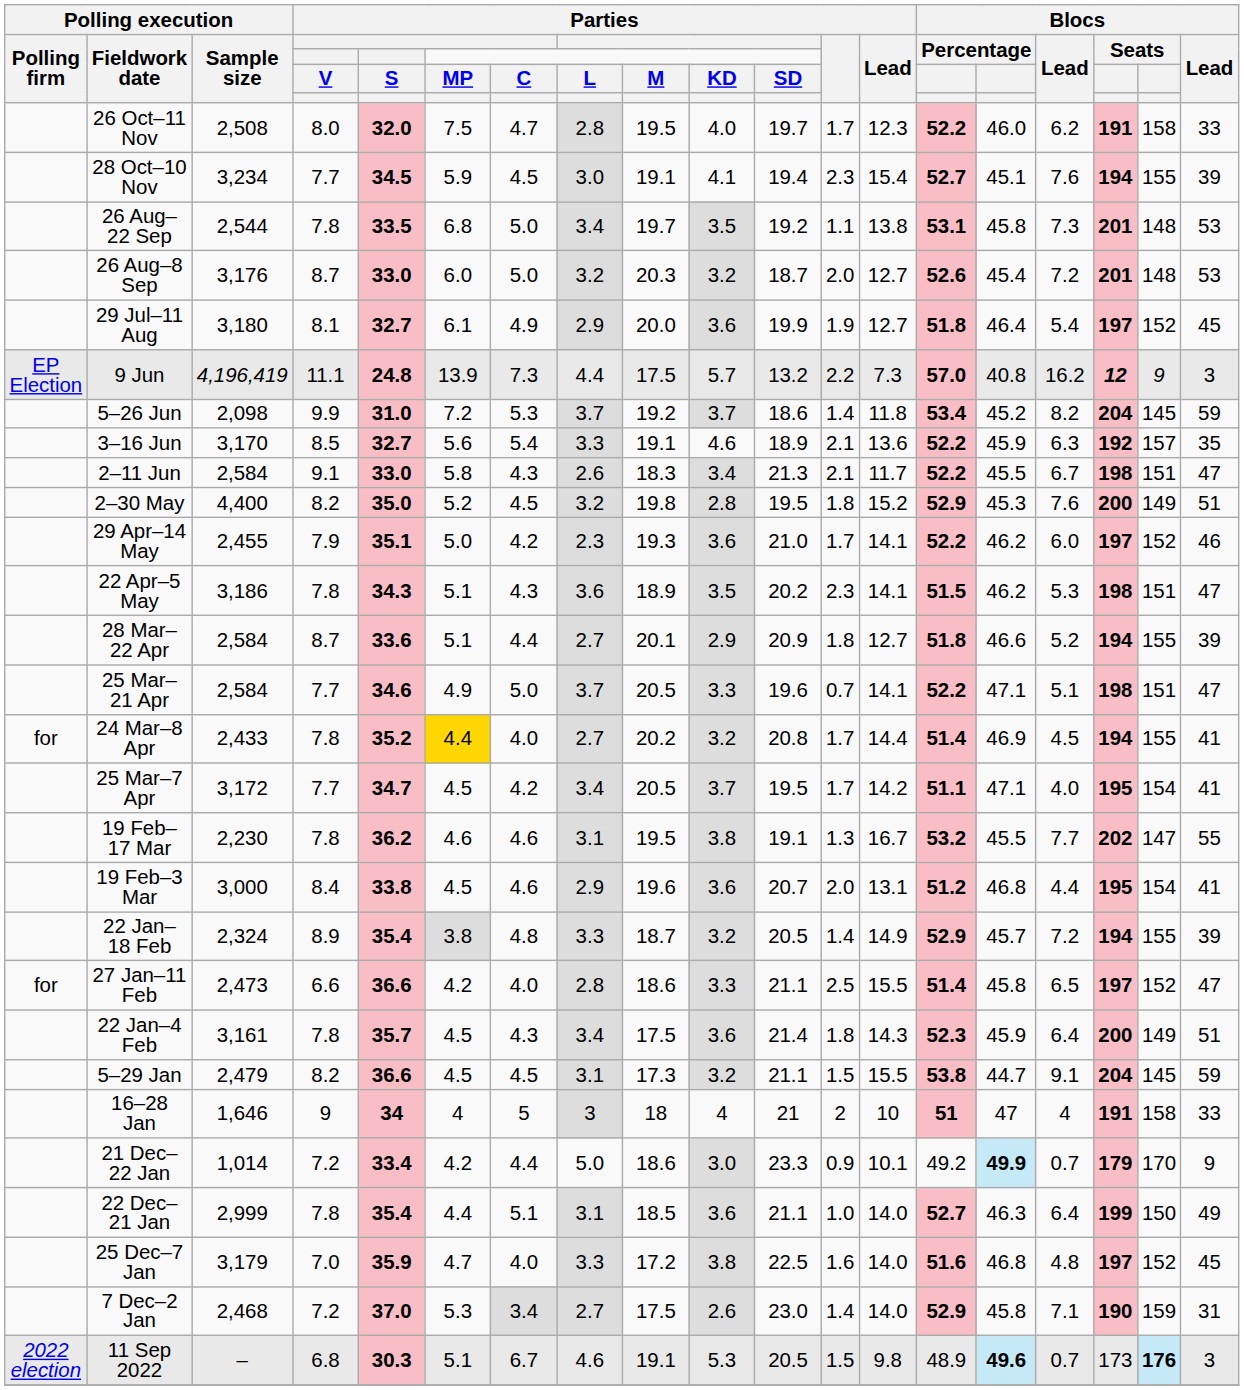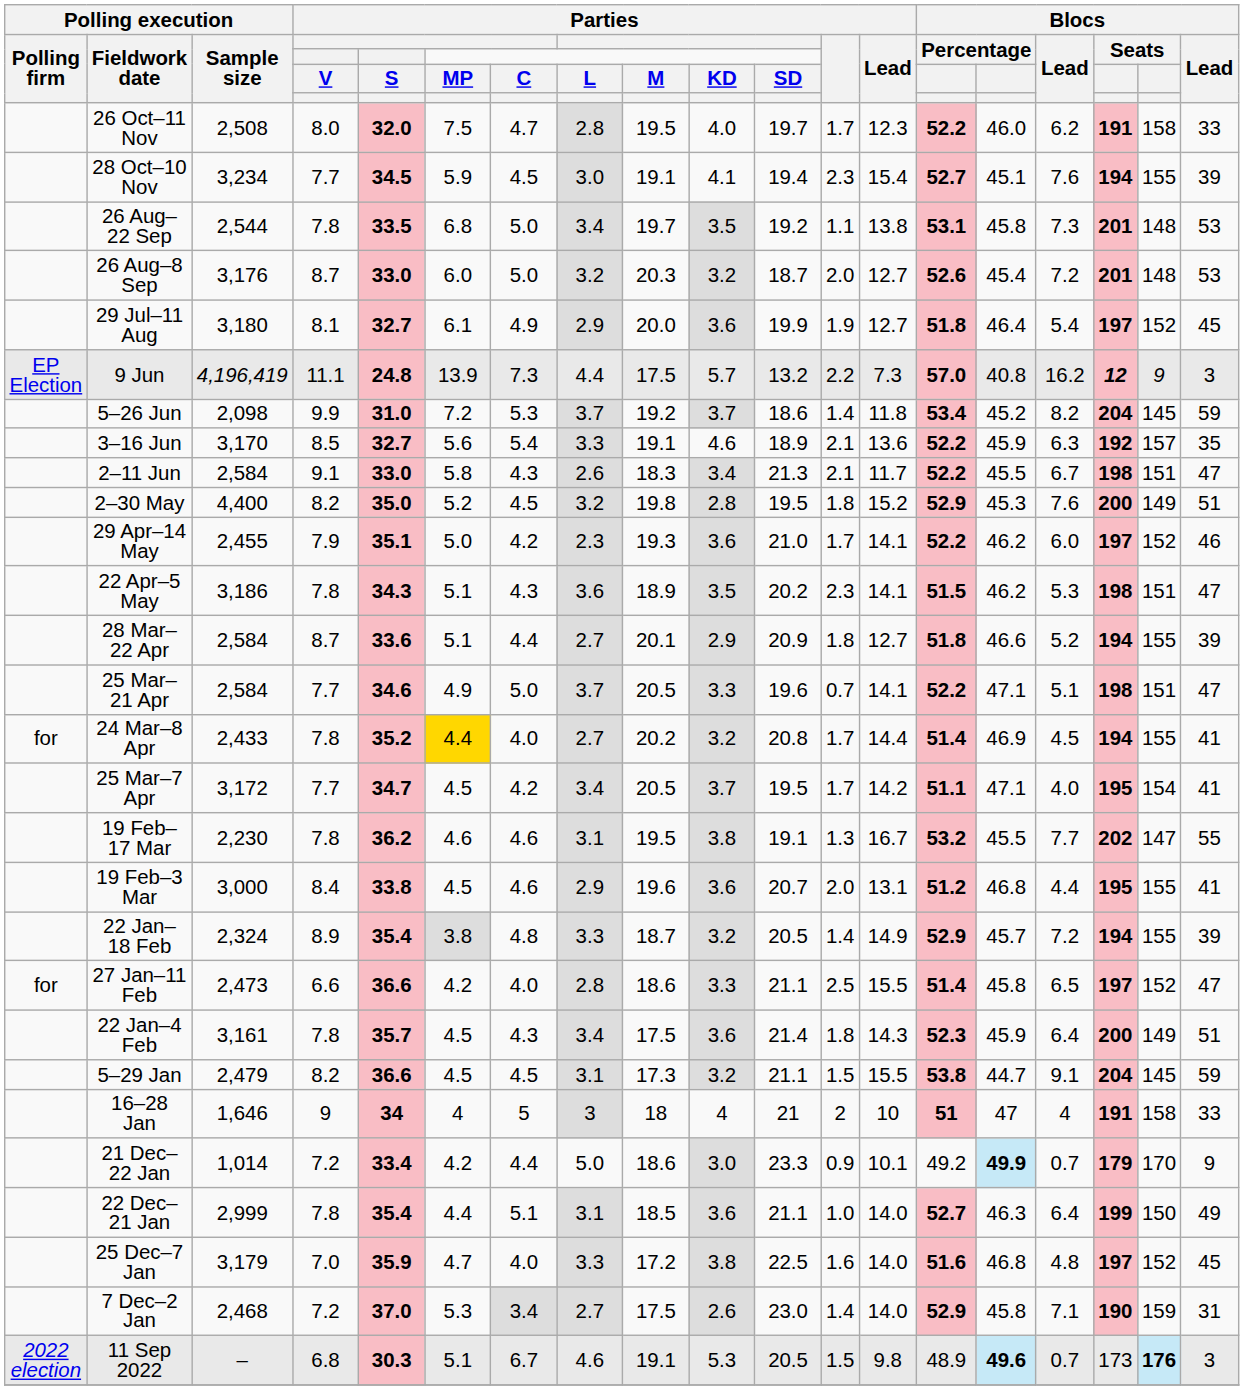 <table class="wikitable sortable" style="text-align:center;font-size:90%;line-height:14px;">
 <tr>
 <th colspan="3">Polling execution</th>
 <th colspan="10">Parties</th>
 <th colspan="6">Blocs</th>
 </tr>
 <tr>
 <th rowspan="4">Polling firm</th>
 <th rowspan="4">Fieldwork date</th>
 <th rowspan="4">Sample size</th>
 <th colspan="4"></th>
 <th colspan="4"></th>
 <th rowspan="4"></th>
 <th rowspan="4">Lead</th>
 <th colspan="2" rowspan="2">Percentage</th>
 <th rowspan="4">Lead</th>
 <th colspan="2" rowspan="2">Seats</th>
 <th rowspan="4">Lead</th>
 </tr>
 <tr>
 <th style="background:"></th>
 <th style="background:"></th>
 </tr>
 <tr>
 <th class="sortable" style="width:40px;"><a href='#'>V</a></th>
 <th class="sortable" style="width:40px;"><a href='#'>S</a></th>
 <th class="sortable" style="width:40px;"><a href='#'>MP</a></th>
 <th class="sortable" style="width:40px;"><a href='#'>C</a></th>
 <th class="sortable" style="width:40px;"><a href='#'>L</a></th>
 <th class="sortable" style="width:40px;"><a href='#'>M</a></th>
 <th class="sortable" style="width:40px;"><a href='#'>KD</a></th>
 <th class="sortable" style="width:40px;"><a href='#'>SD</a></th>
 <th></th>
 <th></th>
 <th></th>
 <th></th>
 </tr>
 <tr>
 <th style="background:"></th>
 <th style="background:"></th>
 <th style="background:"></th>
 <th style="background:"></th>
 <th style="background:"></th>
 <th style="background:"></th>
 <th style="background:"></th>
 <th style="background:"></th>
 <th style="background:"></th>
 <th style="background:"></th>
 <th style="background:"></th>
 <th style="background:"></th>
 </tr>
 <tr>
 <td></td>
 <td>26 Oct–11 Nov</td>
 <td>2,508</td>
 <td>8.0</td>
 <td style="background:#F9BDC5;"><strong>32.0</strong></td>
 <td>7.5</td>
 <td>4.7</td>
 <td style="background:#DDDDDD;">2.8</td>
 <td>19.5</td>
 <td>4.0</td>
 <td>19.7</td>
 <td>1.7</td>
 <td style="background:">12.3</td>
 <td style="background:#F9BDC5;"><strong>52.2</strong></td>
 <td>46.0</td>
 <td style="background:">6.2</td>
 <td style="background:#F9BDC5;"><strong>191</strong></td>
 <td>158</td>
 <td style="background:">33</td>
 </tr>
 <tr>
 <td></td>
 <td>28 Oct–10 Nov</td>
 <td>3,234</td>
 <td>7.7</td>
 <td style="background:#F9BDC5;"><strong>34.5</strong></td>
 <td>5.9</td>
 <td>4.5</td>
 <td style="background:#DDDDDD;">3.0</td>
 <td>19.1</td>
 <td>4.1</td>
 <td>19.4</td>
 <td>2.3</td>
 <td style="background:">15.4</td>
 <td style="background:#F9BDC5;"><strong>52.7</strong></td>
 <td>45.1</td>
 <td style="background:">7.6</td>
 <td style="background:#F9BDC5;"><strong>194</strong></td>
 <td>155</td>
 <td style="background:">39</td>
 </tr>
 <tr>
 <td></td>
 <td>26 Aug–22 Sep</td>
 <td>2,544</td>
 <td>7.8</td>
 <td style="background:#F9BDC5;"><strong>33.5</strong></td>
 <td>6.8</td>
 <td>5.0</td>
 <td style="background:#DDDDDD;">3.4</td>
 <td>19.7</td>
 <td style="background:#DDDDDD;">3.5</td>
 <td>19.2</td>
 <td>1.1</td>
 <td style="background:">13.8</td>
 <td style="background:#F9BDC5;"><strong>53.1</strong></td>
 <td>45.8</td>
 <td style="background:">7.3</td>
 <td style="background:#F9BDC5;"><strong>201</strong></td>
 <td>148</td>
 <td style="background:">53</td>
 </tr>
 <tr>
 <td></td>
 <td>26 Aug–8 Sep</td>
 <td>3,176</td>
 <td>8.7</td>
 <td style="background:#F9BDC5;"><strong>33.0</strong></td>
 <td>6.0</td>
 <td>5.0</td>
 <td style="background:#DDDDDD;">3.2</td>
 <td>20.3</td>
 <td style="background:#DDDDDD;">3.2</td>
 <td>18.7</td>
 <td>2.0</td>
 <td style="background:">12.7</td>
 <td style="background:#F9BDC5;"><strong>52.6</strong></td>
 <td>45.4</td>
 <td style="background:">7.2</td>
 <td style="background:#F9BDC5;"><strong>201</strong></td>
 <td>148</td>
 <td style="background:">53</td>
 </tr>
 <tr>
 <td></td>
 <td>29 Jul–11 Aug</td>
 <td>3,180</td>
 <td>8.1</td>
 <td style="background:#F9BDC5;"><strong>32.7</strong></td>
 <td>6.1</td>
 <td>4.9</td>
 <td style="background:#DDDDDD;">2.9</td>
 <td>20.0</td>
 <td style="background:#DDDDDD;">3.6</td>
 <td>19.9</td>
 <td>1.9</td>
 <td style="background:">12.7</td>
 <td style="background:#F9BDC5;"><strong>51.8</strong></td>
 <td>46.4</td>
 <td style="background:">5.4</td>
 <td style="background:#F9BDC5;"><strong>197</strong></td>
 <td>152</td>
 <td style="background:">45</td>
 </tr>
 <tr style="background:#E9E9E9;">
 <td><a href='#'>EP Election</a></td>
 <td>9 Jun</td>
 <td><em>4,196,419</em></td>
 <td>11.1</td>
 <td style="background:#F9BDC5;"><strong>24.8</strong></td>
 <td>13.9</td>
 <td>7.3</td>
 <td>4.4</td>
 <td>17.5</td>
 <td>5.7</td>
 <td>13.2</td>
 <td>2.2</td>
 <td style="background:">7.3</td>
 <td style="background:#F9BDC5;"><strong>57.0</strong></td>
 <td>40.8</td>
 <td style="background:">16.2</td>
 <td style="background:#F9BDC5;"><strong><em>12</em></strong></td>
 <td><em>9</em></td>
 <td style="background:">3</td>
 </tr>
 <tr>
 <td></td>
 <td>5–26 Jun</td>
 <td>2,098</td>
 <td>9.9</td>
 <td style="background:#F9BDC5;"><strong>31.0</strong></td>
 <td>7.2</td>
 <td>5.3</td>
 <td style="background:#DDDDDD;">3.7</td>
 <td>19.2</td>
 <td style="background:#DDDDDD;">3.7</td>
 <td>18.6</td>
 <td>1.4</td>
 <td style="background:">11.8</td>
 <td style="background:#F9BDC5;"><strong>53.4</strong></td>
 <td>45.2</td>
 <td style="background:">8.2</td>
 <td style="background:#F9BDC5;"><strong>204</strong></td>
 <td>145</td>
 <td style="background:">59</td>
 </tr>
 <tr>
 <td></td>
 <td>3–16 Jun</td>
 <td>3,170</td>
 <td>8.5</td>
 <td style="background:#F9BDC5;"><strong>32.7</strong></td>
 <td>5.6</td>
 <td>5.4</td>
 <td style="background:#DDDDDD;">3.3</td>
 <td>19.1</td>
 <td>4.6</td>
 <td>18.9</td>
 <td>2.1</td>
 <td style="background:">13.6</td>
 <td style="background:#F9BDC5;"><strong>52.2</strong></td>
 <td>45.9</td>
 <td style="background:">6.3</td>
 <td style="background:#F9BDC5;"><strong>192</strong></td>
 <td>157</td>
 <td style="background:">35</td>
 </tr>
 <tr>
 <td></td>
 <td>2–11 Jun</td>
 <td>2,584</td>
 <td>9.1</td>
 <td style="background:#F9BDC5;"><strong>33.0</strong></td>
 <td>5.8</td>
 <td>4.3</td>
 <td style="background:#DDDDDD;">2.6</td>
 <td>18.3</td>
 <td style="background:#DDDDDD;">3.4</td>
 <td>21.3</td>
 <td>2.1</td>
 <td style="background:">11.7</td>
 <td style="background:#F9BDC5;"><strong>52.2</strong></td>
 <td>45.5</td>
 <td style="background:">6.7</td>
 <td style="background:#F9BDC5;"><strong>198</strong></td>
 <td>151</td>
 <td style="background:">47</td>
 </tr>
 <tr>
 <td></td>
 <td>2–30 May</td>
 <td>4,400</td>
 <td>8.2</td>
 <td style="background:#F9BDC5;"><strong>35.0</strong></td>
 <td>5.2</td>
 <td>4.5</td>
 <td style="background:#DDDDDD;">3.2</td>
 <td>19.8</td>
 <td style="background:#DDDDDD;">2.8</td>
 <td>19.5</td>
 <td>1.8</td>
 <td style="background:">15.2</td>
 <td style="background:#F9BDC5;"><strong>52.9</strong></td>
 <td>45.3</td>
 <td style="background:">7.6</td>
 <td style="background:#F9BDC5;"><strong>200</strong></td>
 <td>149</td>
 <td style="background:">51</td>
 </tr>
 <tr>
 <td></td>
 <td>29 Apr–14 May</td>
 <td>2,455</td>
 <td>7.9</td>
 <td style="background:#F9BDC5;"><strong>35.1</strong></td>
 <td>5.0</td>
 <td>4.2</td>
 <td style="background:#DDDDDD;">2.3</td>
 <td>19.3</td>
 <td style="background:#DDDDDD;">3.6</td>
 <td>21.0</td>
 <td>1.7</td>
 <td style="background:">14.1</td>
 <td style="background:#F9BDC5;"><strong>52.2</strong></td>
 <td>46.2</td>
 <td style="background:">6.0</td>
 <td style="background:#F9BDC5;"><strong>197</strong></td>
 <td>152</td>
 <td style="background:">46</td>
 </tr>
 <tr>
 <td></td>
 <td>22 Apr–5 May</td>
 <td>3,186</td>
 <td>7.8</td>
 <td style="background:#F9BDC5;"><strong>34.3</strong></td>
 <td>5.1</td>
 <td>4.3</td>
 <td style="background:#DDDDDD;">3.6</td>
 <td>18.9</td>
 <td style="background:#DDDDDD;">3.5</td>
 <td>20.2</td>
 <td>2.3</td>
 <td style="background:">14.1</td>
 <td style="background:#F9BDC5;"><strong>51.5</strong></td>
 <td>46.2</td>
 <td style="background:">5.3</td>
 <td style="background:#F9BDC5;"><strong>198</strong></td>
 <td>151</td>
 <td style="background:">47</td>
 </tr>
 <tr>
 <td></td>
 <td>28 Mar–22 Apr</td>
 <td>2,584</td>
 <td>8.7</td>
 <td style="background:#F9BDC5;"><strong>33.6</strong></td>
 <td>5.1</td>
 <td>4.4</td>
 <td style="background:#DDDDDD;">2.7</td>
 <td>20.1</td>
 <td style="background:#DDDDDD;">2.9</td>
 <td>20.9</td>
 <td>1.8</td>
 <td style="background:">12.7</td>
 <td style="background:#F9BDC5;"><strong>51.8</strong></td>
 <td>46.6</td>
 <td style="background:">5.2</td>
 <td style="background:#F9BDC5;"><strong>194</strong></td>
 <td>155</td>
 <td style="background:">39</td>
 </tr>
 <tr>
 <td></td>
 <td>25 Mar–21 Apr</td>
 <td>2,584</td>
 <td>7.7</td>
 <td style="background:#F9BDC5;"><strong>34.6</strong></td>
 <td>4.9</td>
 <td>5.0</td>
 <td style="background:#DDDDDD;">3.7</td>
 <td>20.5</td>
 <td style="background:#DDDDDD;">3.3</td>
 <td>19.6</td>
 <td>0.7</td>
 <td style="background:">14.1</td>
 <td style="background:#F9BDC5;"><strong>52.2</strong></td>
 <td>47.1</td>
 <td style="background:">5.1</td>
 <td style="background:#F9BDC5;"><strong>198</strong></td>
 <td>151</td>
 <td style="background:">47</td>
 </tr>
 <tr>
 <td> for </td>
 <td>24 Mar–8 Apr</td>
 <td>2,433</td>
 <td>7.8</td>
 <td style="background:#F9BDC5;"><strong>35.2</strong></td>
 <td style="background: gold;">4.4</td>
 <td>4.0</td>
 <td style="background:#DDDDDD;">2.7</td>
 <td>20.2</td>
 <td style="background:#DDDDDD;">3.2</td>
 <td>20.8</td>
 <td>1.7</td>
 <td style="background:">14.4</td>
 <td style="background:#F9BDC5;"><strong>51.4</strong></td>
 <td>46.9</td>
 <td style="background:">4.5</td>
 <td style="background:#F9BDC5;"><strong>194</strong></td>
 <td>155</td>
 <td style="background:">41</td>
 </tr>
 <tr>
 <td></td>
 <td>25 Mar–7 Apr</td>
 <td>3,172</td>
 <td>7.7</td>
 <td style="background:#F9BDC5;"><strong>34.7</strong></td>
 <td>4.5</td>
 <td>4.2</td>
 <td style="background:#DDDDDD;">3.4</td>
 <td>20.5</td>
 <td style="background:#DDDDDD;">3.7</td>
 <td>19.5</td>
 <td>1.7</td>
 <td style="background:">14.2</td>
 <td style="background:#F9BDC5;"><strong>51.1</strong></td>
 <td>47.1</td>
 <td style="background:">4.0</td>
 <td style="background:#F9BDC5;"><strong>195</strong></td>
 <td>154</td>
 <td style="background:">41</td>
 </tr>
 <tr>
 <td></td>
 <td>19 Feb–17 Mar</td>
 <td>2,230</td>
 <td>7.8</td>
 <td style="background:#F9BDC5;"><strong>36.2</strong></td>
 <td>4.6</td>
 <td>4.6</td>
 <td style="background:#DDDDDD;">3.1</td>
 <td>19.5</td>
 <td style="background:#DDDDDD;">3.8</td>
 <td>19.1</td>
 <td>1.3</td>
 <td style="background:">16.7</td>
 <td style="background:#F9BDC5;"><strong>53.2</strong></td>
 <td>45.5</td>
 <td style="background:">7.7</td>
 <td style="background:#F9BDC5;"><strong>202</strong></td>
 <td>147</td>
 <td style="background:">55</td>
 </tr>
 <tr>
 <td></td>
 <td>19 Feb–3 Mar</td>
 <td>3,000</td>
 <td>8.4</td>
 <td style="background:#F9BDC5;"><strong>33.8</strong></td>
 <td>4.5</td>
 <td>4.6</td>
 <td style="background:#DDDDDD;">2.9</td>
 <td>19.6</td>
 <td style="background:#DDDDDD;">3.6</td>
 <td>20.7</td>
 <td>2.0</td>
 <td style="background:">13.1</td>
 <td style="background:#F9BDC5;"><strong>51.2</strong></td>
 <td>46.8</td>
 <td style="background:">4.4</td>
 <td style="background:#F9BDC5;"><strong>195</strong></td>
-<td>154</td>
+<td>155</td>
 <td style="background:">41</td>
 </tr>
 <tr>
 <td></td>
 <td>22 Jan–18 Feb</td>
 <td>2,324</td>
 <td>8.9</td>
 <td style="background:#F9BDC5;"><strong>35.4</strong></td>
 <td style="background:#DDDDDD;">3.8</td>
 <td>4.8</td>
 <td style="background:#DDDDDD;">3.3</td>
 <td>18.7</td>
 <td style="background:#DDDDDD;">3.2</td>
 <td>20.5</td>
 <td>1.4</td>
 <td style="background:">14.9</td>
 <td style="background:#F9BDC5;"><strong>52.9</strong></td>
 <td>45.7</td>
 <td style="background:">7.2</td>
 <td style="background:#F9BDC5;"><strong>194</strong></td>
 <td>155</td>
 <td style="background:">39</td>
 </tr>
 <tr>
 <td> for </td>
 <td>27 Jan–11 Feb</td>
 <td>2,473</td>
 <td>6.6</td>
 <td style="background:#F9BDC5;"><strong>36.6</strong></td>
 <td>4.2</td>
 <td>4.0</td>
 <td style="background:#DDDDDD;">2.8</td>
 <td>18.6</td>
 <td style="background:#DDDDDD;">3.3</td>
 <td>21.1</td>
 <td>2.5</td>
 <td style="background:">15.5</td>
 <td style="background:#F9BDC5;"><strong>51.4</strong></td>
 <td>45.8</td>
 <td style="background:">6.5</td>
 <td style="background:#F9BDC5;"><strong>197</strong></td>
 <td>152</td>
 <td style="background:">47</td>
 </tr>
 <tr>
 <td></td>
 <td>22 Jan–4 Feb</td>
 <td>3,161</td>
 <td>7.8</td>
 <td style="background:#F9BDC5;"><strong>35.7</strong></td>
 <td>4.5</td>
 <td>4.3</td>
 <td style="background:#DDDDDD;">3.4</td>
 <td>17.5</td>
 <td style="background:#DDDDDD;">3.6</td>
 <td>21.4</td>
 <td>1.8</td>
 <td style="background:">14.3</td>
 <td style="background:#F9BDC5;"><strong>52.3</strong></td>
 <td>45.9</td>
 <td style="background:">6.4</td>
 <td style="background:#F9BDC5;"><strong>200</strong></td>
 <td>149</td>
 <td style="background:">51</td>
 </tr>
 <tr>
 <td></td>
 <td>5–29 Jan</td>
 <td>2,479</td>
 <td>8.2</td>
 <td style="background:#F9BDC5;"><strong>36.6</strong></td>
 <td>4.5</td>
 <td>4.5</td>
 <td style="background:#DDDDDD;">3.1</td>
 <td>17.3</td>
 <td style="background:#DDDDDD;">3.2</td>
 <td>21.1</td>
 <td>1.5</td>
 <td style="background:">15.5</td>
 <td style="background:#F9BDC5;"><strong>53.8</strong></td>
 <td>44.7</td>
 <td style="background:">9.1</td>
 <td style="background:#F9BDC5;"><strong>204</strong></td>
 <td>145</td>
 <td style="background:">59</td>
 </tr>
 <tr>
 <td></td>
 <td>16–28 Jan</td>
 <td>1,646</td>
 <td>9</td>
 <td style="background:#F9BDC5;"><strong>34</strong></td>
 <td>4</td>
 <td>5</td>
 <td style="background:#DDDDDD;">3</td>
 <td>18</td>
 <td>4</td>
 <td>21</td>
 <td>2</td>
 <td style="background:">10</td>
 <td style="background:#F9BDC5;"><strong>51</strong></td>
 <td>47</td>
 <td style="background:">4</td>
 <td style="background:#F9BDC5;"><strong>191</strong></td>
 <td>158</td>
 <td style="background:">33</td>
 </tr>
 <tr>
 <td></td>
 <td>21 Dec–22 Jan</td>
 <td>1,014</td>
 <td>7.2</td>
 <td style="background:#F9BDC5;"><strong>33.4</strong></td>
 <td>4.2</td>
 <td>4.4</td>
 <td>5.0</td>
 <td>18.6</td>
 <td style="background:#DDDDDD;">3.0</td>
 <td>23.3</td>
 <td>0.9</td>
 <td style="background:">10.1</td>
 <td>49.2</td>
 <td style="background:#C6E9F7;"><strong>49.9</strong></td>
 <td style="background:">0.7</td>
 <td style="background:#F9BDC5;"><strong>179</strong></td>
 <td>170</td>
 <td style="background:">9</td>
 </tr>
 <tr>
 <td></td>
 <td>22 Dec–21 Jan</td>
 <td>2,999</td>
 <td>7.8</td>
 <td style="background:#F9BDC5;"><strong>35.4</strong></td>
 <td>4.4</td>
 <td>5.1</td>
 <td style="background:#DDDDDD;">3.1</td>
 <td>18.5</td>
 <td style="background:#DDDDDD;">3.6</td>
 <td>21.1</td>
 <td>1.0</td>
 <td style="background:">14.0</td>
 <td style="background:#F9BDC5;"><strong>52.7</strong></td>
 <td>46.3</td>
 <td style="background:">6.4</td>
 <td style="background:#F9BDC5;"><strong>199</strong></td>
 <td>150</td>
 <td style="background:">49</td>
 </tr>
 <tr>
 <td></td>
 <td>25 Dec–7 Jan</td>
 <td>3,179</td>
 <td>7.0</td>
 <td style="background:#F9BDC5;"><strong>35.9</strong></td>
 <td>4.7</td>
 <td>4.0</td>
 <td style="background:#DDDDDD;">3.3</td>
 <td>17.2</td>
 <td style="background:#DDDDDD;">3.8</td>
 <td>22.5</td>
 <td>1.6</td>
 <td style="background:">14.0</td>
 <td style="background:#F9BDC5;"><strong>51.6</strong></td>
 <td>46.8</td>
 <td style="background:">4.8</td>
 <td style="background:#F9BDC5;"><strong>197</strong></td>
 <td>152</td>
 <td style="background:">45</td>
 </tr>
 <tr>
 <td></td>
 <td>7 Dec–2 Jan</td>
 <td>2,468</td>
 <td>7.2</td>
 <td style="background:#F9BDC5;"><strong>37.0</strong></td>
 <td>5.3</td>
 <td style="background:#DDDDDD;">3.4</td>
 <td style="background:#DDDDDD;">2.7</td>
 <td>17.5</td>
 <td style="background:#DDDDDD;">2.6</td>
 <td>23.0</td>
 <td>1.4</td>
 <td style="background:">14.0</td>
 <td style="background:#F9BDC5;"><strong>52.9</strong></td>
 <td>45.8</td>
 <td style="background:">7.1</td>
 <td style="background:#F9BDC5;"><strong>190</strong></td>
 <td>159</td>
 <td style="background:">31</td>
 </tr>
 <tr style="background:#E9E9E9;" |49>
 <td><em><a href='#'>2022 election</a></em></td>
 <td>11 Sep 2022</td>
 <td>–</td>
 <td>6.8</td>
 <td style="background:#F9BDC5;"><strong>30.3</strong></td>
 <td>5.1</td>
 <td>6.7</td>
 <td>4.6</td>
 <td>19.1</td>
 <td>5.3</td>
 <td>20.5</td>
 <td>1.5</td>
 <td style="background:">9.8</td>
 <td>48.9</td>
 <td style="background:#C6E9F7;"><strong>49.6</strong></td>
 <td style="background:">0.7</td>
 <td>173</td>
 <td style="background:#C6E9F7;"><strong>176</strong></td>
 <td style="background:">3</td>
 </tr>
 <tr>
 </tr>
 </table>
